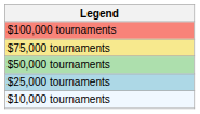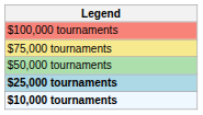 <table class=wikitable style=font-size:85% width=15%>
 <tr>
 <th>Legend</th>
 </tr>
 <tr style="background:#f88379;">
 <td>$100,000 tournaments</td>
 </tr>
 <tr style="background:#f7e98e;">
 <td>$75,000 tournaments</td>
 </tr>
 <tr style="background:#addfad;">
 <td>$50,000 tournaments</td>
 </tr>
 <tr style="background:lightblue;">
-<td>$25,000 tournaments</td>
+<td><strong>$25,000 tournaments</strong></td>
 </tr>
 <tr style="background:#f0f8ff;">
-<td>$10,000 tournaments</td>
+<td><strong>$10,000 tournaments</strong></td>
 </tr>
 </table>
